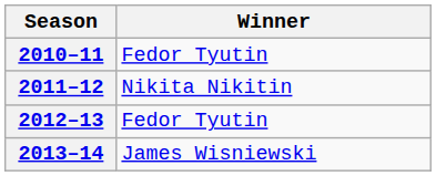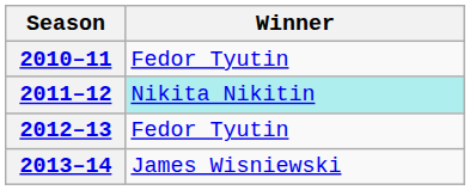 <table class="wikitable">
 <tr>
 <th scope="col" style="width:5em">Season</th>
 <th scope="col" style="width:15em">Winner</th>
 </tr>
 <tr>
 <th scope="row"><a href='#'>2010–11</a></th>
 <td><a href='#'>Fedor Tyutin</a></td>
 </tr>
 <tr>
 <th scope="row"><a href='#'>2011–12</a></th>
-<td><a href='#'>Nikita Nikitin</a></td>
+<td style="background: paleturquoise;"><a href='#'>Nikita Nikitin</a></td>
 </tr>
 <tr>
 <th scope="row"><a href='#'>2012–13</a></th>
 <td><a href='#'>Fedor Tyutin</a></td>
 </tr>
 <tr>
 <th scope="row"><a href='#'>2013–14</a></th>
 <td><a href='#'>James Wisniewski</a></td>
 </tr>
 </table>
